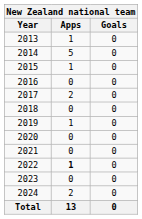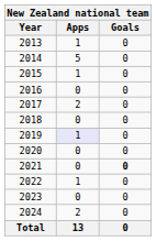 <table class="wikitable" style="text-align:center">
 <tr>
 <th colspan=3>New Zealand national team</th>
 </tr>
 <tr>
 <th>Year</th>
 <th>Apps</th>
 <th>Goals</th>
 </tr>
 <tr>
 <td>2013</td>
 <td>1</td>
 <td>0</td>
 </tr>
 <tr>
 <td>2014</td>
 <td>5</td>
 <td>0</td>
 </tr>
 <tr>
 <td>2015</td>
 <td>1</td>
 <td>0</td>
 </tr>
 <tr>
 <td>2016</td>
 <td>0</td>
 <td>0</td>
 </tr>
 <tr>
 <td>2017</td>
 <td>2</td>
 <td>0</td>
 </tr>
 <tr>
 <td>2018</td>
 <td>0</td>
 <td>0</td>
 </tr>
 <tr>
 <td>2019</td>
-<td>1</td>
+<td style="background: lavender;">1</td>
 <td>0</td>
 </tr>
 <tr>
 <td>2020</td>
 <td>0</td>
 <td>0</td>
 </tr>
 <tr>
 <td>2021</td>
 <td>0</td>
-<td>0</td>
+<td><strong>0</strong></td>
 </tr>
 <tr>
 <td>2022</td>
-<td><strong>1</strong></td>
+<td>1</td>
 <td>0</td>
 </tr>
 <tr>
 <td>2023</td>
 <td>0</td>
 <td>0</td>
 </tr>
 <tr>
 <td>2024</td>
 <td>2</td>
 <td>0</td>
 </tr>
 <tr>
 <th>Total</th>
 <th>13</th>
 <th>0</th>
 </tr>
 </table>
